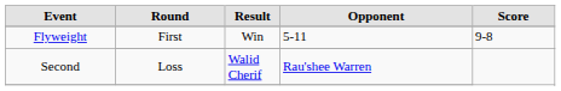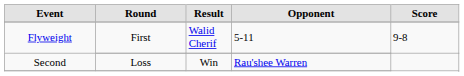 <table style='font-size: 85%; text-align: left;' class='wikitable' width='45%'>
 <tr>
 <th style='border-style: none none solid solid; background: #e3e3e3; width: 20%'><strong>Event</strong></th>
 <th style='border-style: none none solid solid; background: #e3e3e3; width: 20%'><strong>Round</strong></th>
 <th style='border-style: none none solid solid; background: #e3e3e3; width: 10%'><strong>Result</strong></th>
 <th style='border-style: none none solid solid; background: #e3e3e3; width: 35%'><strong>Opponent</strong></th>
 <th style='border-style: none none solid solid; background: #e3e3e3; width: 15%'><strong>Score</strong></th>
 </tr>
 <tr>
 </tr>
 <tr align=center>
 <td rowspan="2" style="text-align:center;"><a href='#'>Flyweight</a></td>
 <td align='center'>First</td>
-<td>Win</td>
+<td align='left'> <a href='#'>Walid Cherif</a></td>
 <td align='left'>5-11</td>
 <td align='left'>9-8</td>
 </tr>
 <tr>
 </tr>
 <tr align=center>
 <td align='center'>Second</td>
 <td>Loss</td>
-<td align='left'> <a href='#'>Walid Cherif</a></td>
+<td>Win</td>
 <td align='left'> <a href='#'>Rau'shee Warren</a></td>
 </tr>
 <tr>
 </tr>
 </table>
